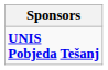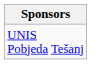 <table class="wikitable">
 <tr>
 <th>Sponsors</th>
 </tr>
 <tr>
-<td><strong><a href='#'>UNIS</a><br><a href='#'>Pobjeda</a> <a href='#'>Tešanj</a></strong></td>
+<td><a href='#'>UNIS</a><br><a href='#'>Pobjeda</a> <a href='#'>Tešanj</a></td>
 </tr>
 </table>
